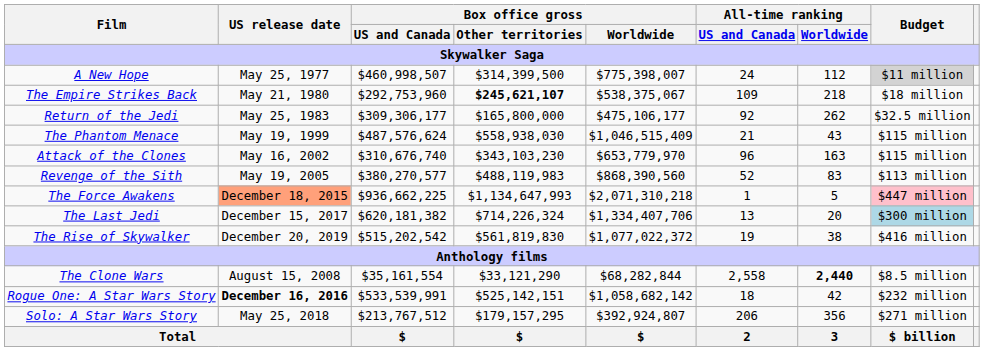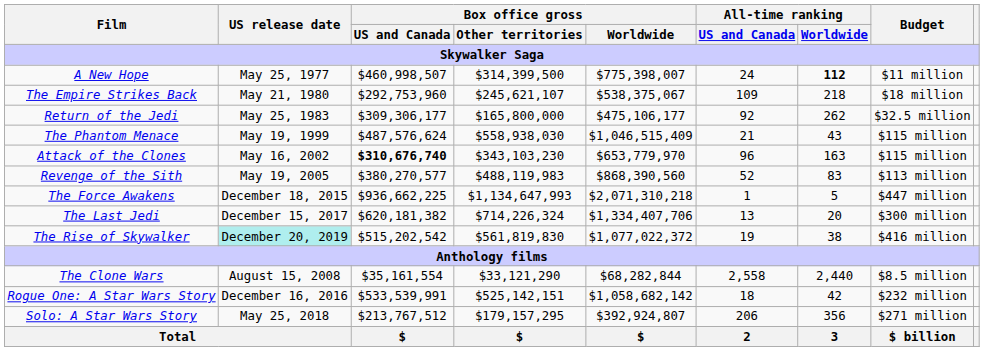 <table class="wikitable sortable" style="text-align: center">
 <tr>
 <th scope="col" rowspan="2">Film</th>
 <th scope="col" rowspan="2">US release date</th>
 <th scope="col" colspan="3" class=unsortable>Box office gross</th>
 <th scope="col" colspan="2" text="wrap" class=unsortable>All-time ranking</th>
 <th scope="col" rowspan="2">Budget</th>
 <th scope="col" rowspan="2" class=unsortable></th>
 </tr>
 <tr>
 <th>US and Canada</th>
 <th>Other territories</th>
 <th>Worldwide</th>
 <th class=unsortable><a href='#'>US and Canada</a></th>
 <th class=unsortable><a href='#'>Worldwide</a></th>
 </tr>
 <tr>
 <th colspan="9" style="background-color:#ccccff;">Skywalker Saga</th>
 </tr>
 <tr>
 <td scope="row"><em><a href='#'>A New Hope</a></em></td>
 <td>May 25, 1977</td>
 <td>$460,998,507</td>
 <td>$314,399,500</td>
 <td>$775,398,007</td>
 <td>24</td>
-<td>112</td>
-<td style="background: lightgrey;">$11 million</td>
+<td><strong>112</strong></td>
+<td>$11 million</td>
 <td></td>
 </tr>
 <tr>
 <td scope="row"><em><a href='#'>The Empire Strikes Back</a></em></td>
 <td>May 21, 1980</td>
 <td>$292,753,960</td>
-<td><strong>$245,621,107</strong></td>
+<td>$245,621,107</td>
 <td>$538,375,067</td>
 <td>109</td>
 <td>218</td>
 <td>$18 million</td>
 <td></td>
 </tr>
 <tr>
 <td scope="row"><em><a href='#'>Return of the Jedi</a></em></td>
 <td>May 25, 1983</td>
 <td>$309,306,177</td>
 <td>$165,800,000</td>
 <td>$475,106,177</td>
 <td>92</td>
 <td>262</td>
 <td>$32.5 million</td>
 <td></td>
 </tr>
 <tr>
 <td scope="row"><em><a href='#'>The Phantom Menace</a></em></td>
 <td>May 19, 1999</td>
 <td>$487,576,624</td>
 <td>$558,938,030</td>
 <td>$1,046,515,409</td>
 <td>21</td>
 <td>43</td>
 <td>$115 million</td>
 <td></td>
 </tr>
 <tr>
 <td scope="row"><em><a href='#'>Attack of the Clones</a></em></td>
 <td>May 16, 2002</td>
-<td>$310,676,740</td>
+<td><strong>$310,676,740</strong></td>
 <td>$343,103,230</td>
 <td>$653,779,970</td>
 <td>96</td>
 <td>163</td>
 <td>$115 million</td>
 <td></td>
 </tr>
 <tr>
 <td scope="row"><em><a href='#'>Revenge of the Sith</a></em></td>
 <td>May 19, 2005</td>
 <td>$380,270,577</td>
 <td>$488,119,983</td>
 <td>$868,390,560</td>
 <td>52</td>
 <td>83</td>
 <td>$113 million</td>
 <td></td>
 </tr>
 <tr>
 <td scope="row"><em><a href='#'>The Force Awakens</a></em></td>
-<td style="background: lightsalmon;">December 18, 2015</td>
+<td>December 18, 2015</td>
 <td>$936,662,225</td>
 <td>$1,134,647,993</td>
 <td>$2,071,310,218</td>
 <td>1</td>
 <td>5</td>
-<td style="background: pink;">$447 million</td>
+<td>$447 million</td>
 <td></td>
 </tr>
 <tr>
 <td scope="row"><em><a href='#'>The Last Jedi</a></em></td>
 <td>December 15, 2017</td>
 <td>$620,181,382</td>
 <td>$714,226,324</td>
 <td>$1,334,407,706</td>
 <td>13</td>
 <td>20</td>
-<td style="background: lightblue;">$300 million</td>
+<td>$300 million</td>
 <td></td>
 </tr>
 <tr>
 <td scope="row"><em><a href='#'>The Rise of Skywalker</a></em></td>
-<td>December 20, 2019</td>
+<td style="background: paleturquoise;">December 20, 2019</td>
 <td>$515,202,542</td>
 <td>$561,819,830</td>
 <td>$1,077,022,372</td>
 <td>19</td>
 <td>38</td>
 <td>$416 million</td>
 <td></td>
 </tr>
 <tr>
 <th colspan="9" style="background-color:#ccccff;">Anthology films</th>
 </tr>
 <tr>
 <td scope="row"><em><a href='#'>The Clone Wars</a></em></td>
 <td>August 15, 2008</td>
 <td>$35,161,554</td>
 <td>$33,121,290</td>
 <td>$68,282,844</td>
 <td>2,558</td>
-<td><strong>2,440</strong></td>
+<td>2,440</td>
 <td>$8.5 million</td>
 <td></td>
 </tr>
 <tr>
 <td scope="row"><em><a href='#'>Rogue One: A Star Wars Story</a></em></td>
-<td><strong>December 16, 2016</strong></td>
+<td>December 16, 2016</td>
 <td>$533,539,991</td>
 <td>$525,142,151</td>
 <td>$1,058,682,142</td>
 <td>18</td>
 <td>42</td>
 <td>$232 million</td>
 <td></td>
 </tr>
 <tr>
 <td scope="row"><em><a href='#'>Solo: A Star Wars Story</a></em></td>
 <td>May 25, 2018</td>
 <td>$213,767,512</td>
 <td>$179,157,295</td>
 <td>$392,924,807</td>
 <td>206</td>
 <td>356</td>
 <td>$271 million</td>
 <td></td>
 </tr>
 <tr>
 <th scope="row" colspan="2">Total</th>
 <th>$</th>
 <th>$</th>
 <th>$</th>
 <th>2</th>
 <th>3</th>
 <th>$ billion</th>
 <th></th>
 </tr>
 </table>
